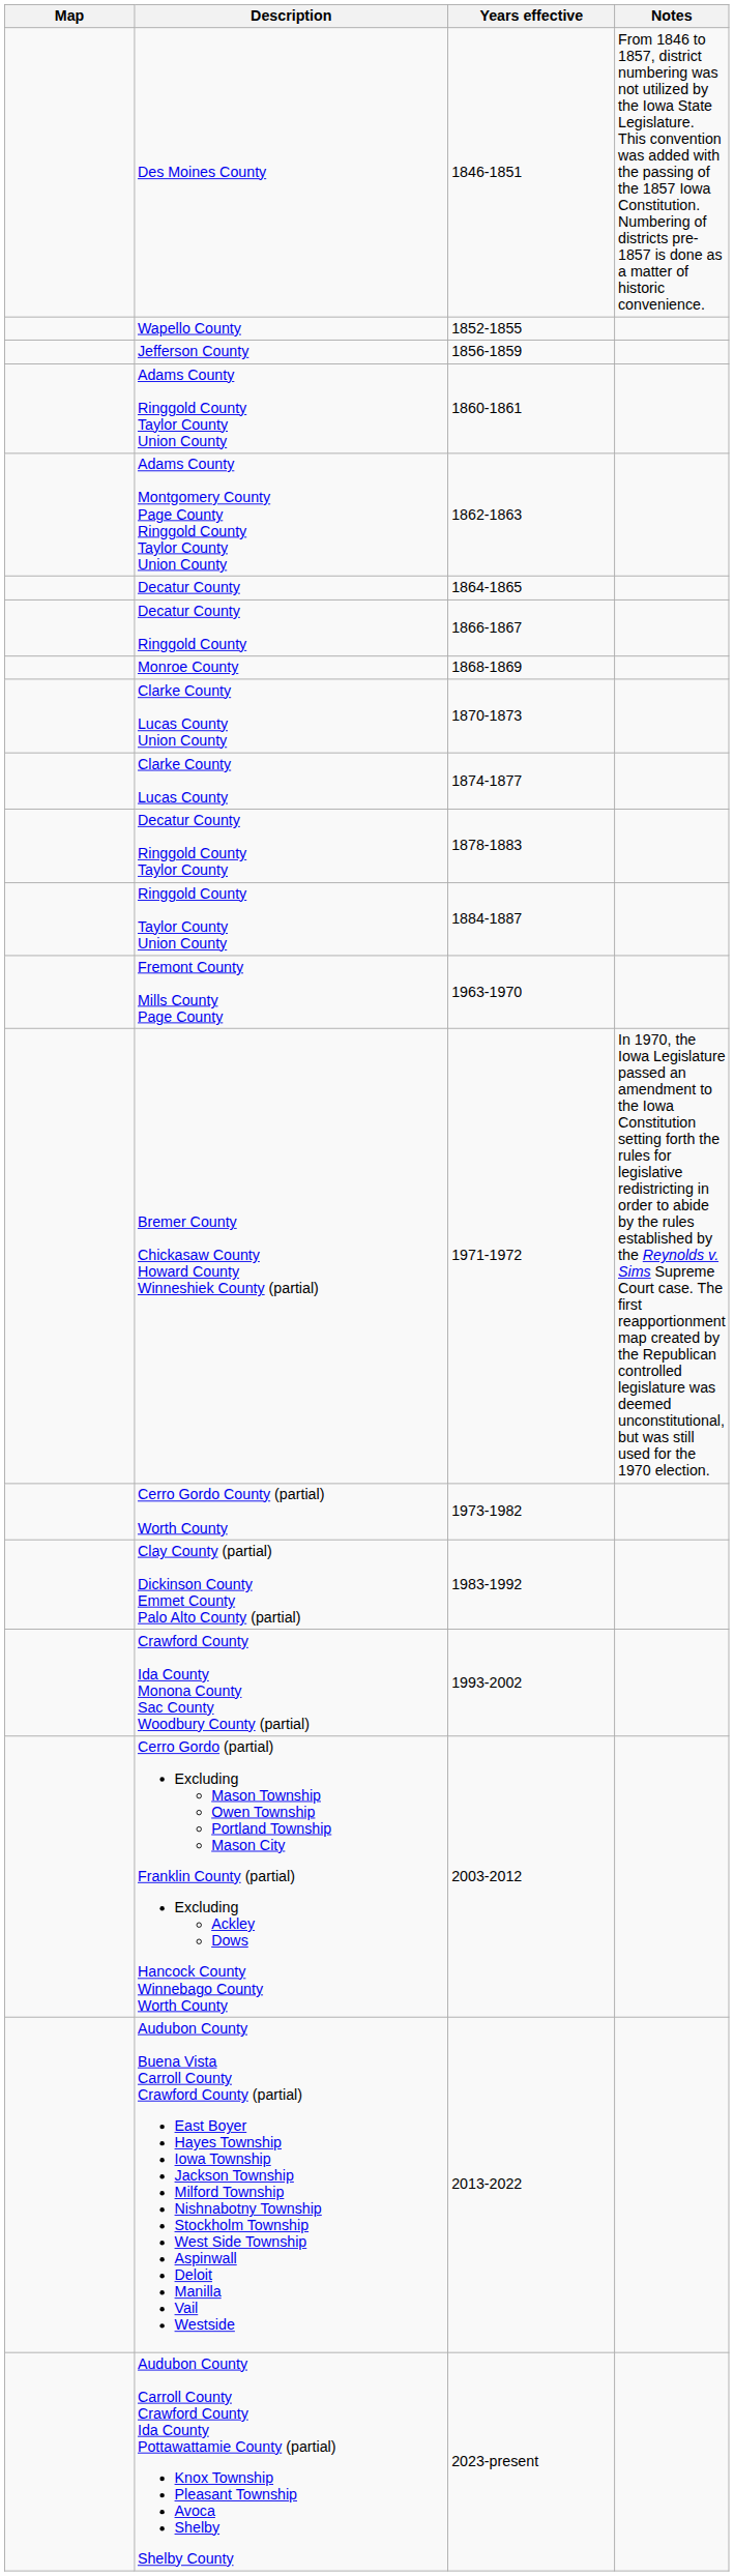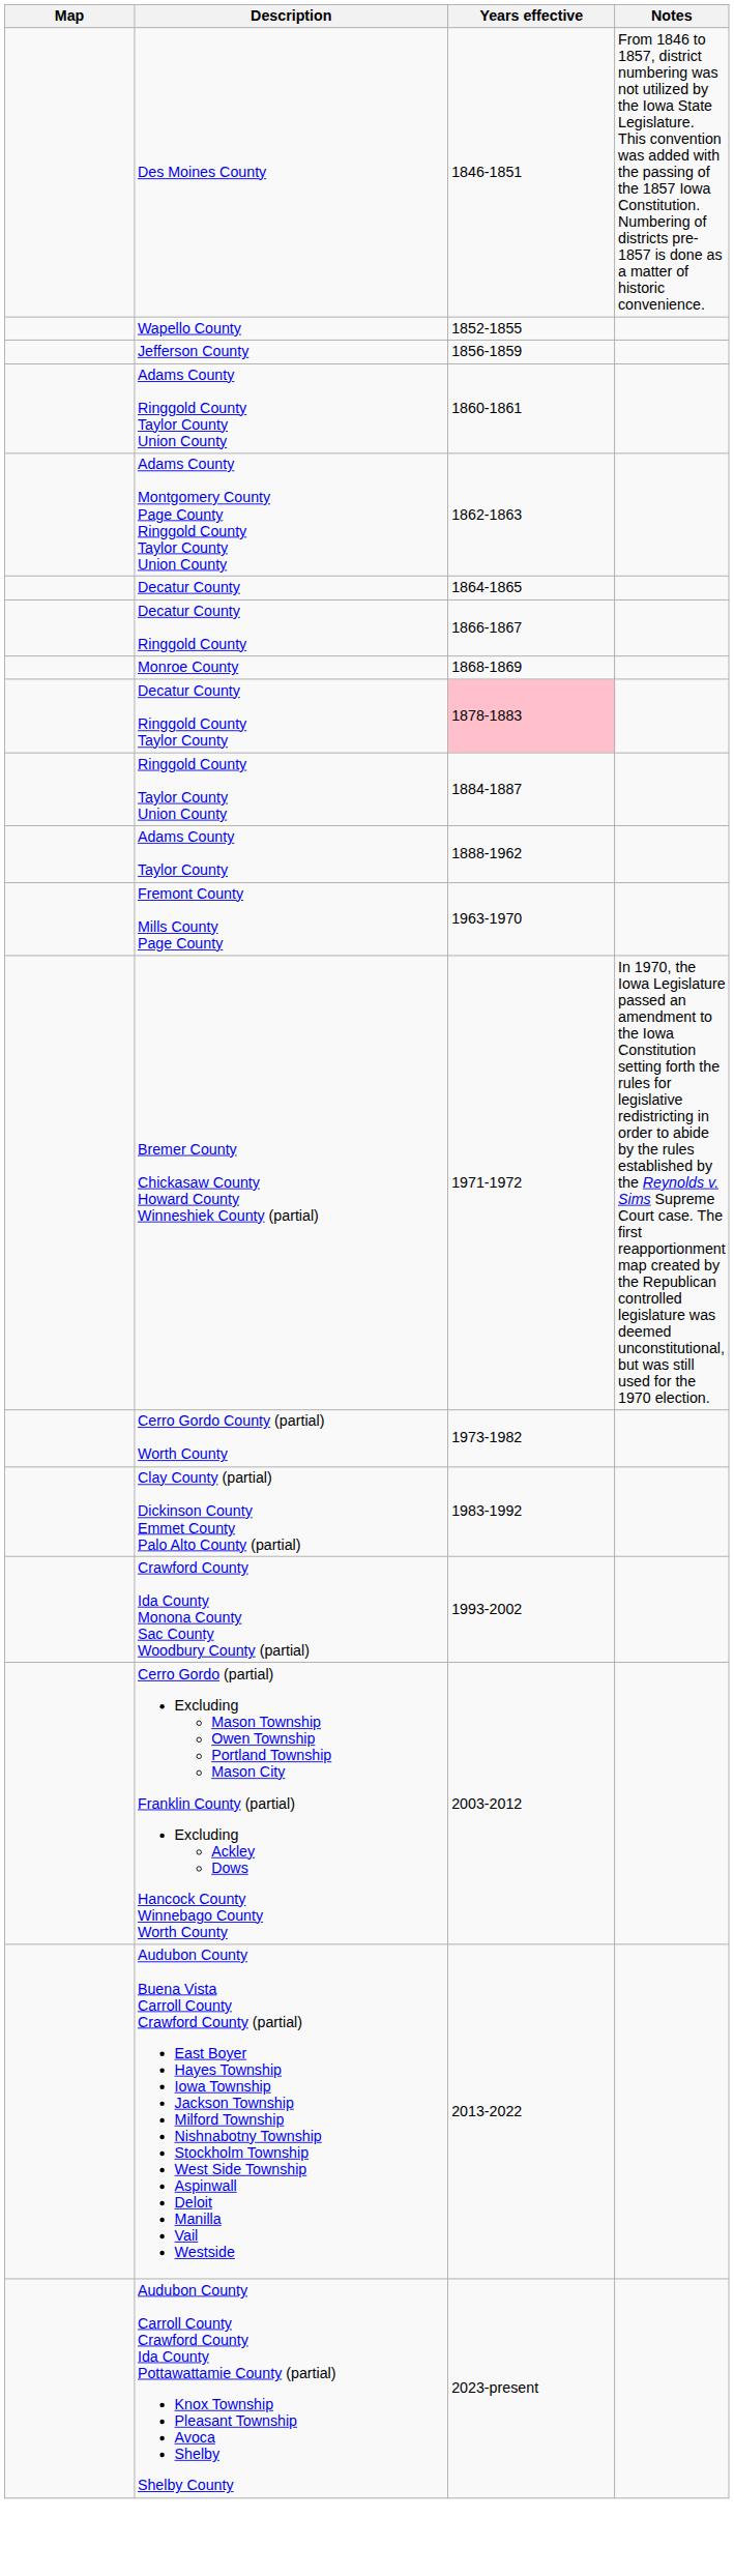 <table class="wikitable sortable">
 <tr>
 <th style="width:100pt;">Map</th>
 <th style="width:250pt;">Description</th>
 <th style="width:130pt;">Years effective</th>
 <th style="width:15pt;">Notes</th>
 </tr>
 <tr>
 <td></td>
 <td><a href='#'>Des Moines County</a></td>
 <td>1846-1851</td>
 <td>From 1846 to 1857, district numbering was not utilized by the Iowa State Legislature. This convention was added with the passing of the 1857 Iowa Constitution. Numbering of districts pre-1857 is done as a matter of historic convenience.</td>
 </tr>
 <tr>
 <td></td>
 <td><a href='#'>Wapello County</a></td>
 <td>1852-1855</td>
 <td></td>
 </tr>
 <tr>
 <td></td>
 <td><a href='#'>Jefferson County</a></td>
 <td>1856-1859</td>
 <td></td>
 </tr>
 <tr>
 <td></td>
 <td><a href='#'>Adams County</a><br><br><a href='#'>Ringgold County</a><br> <a href='#'>Taylor County</a><br> <a href='#'>Union County</a></td>
 <td>1860-1861</td>
 <td></td>
 </tr>
 <tr>
 <td></td>
 <td><a href='#'>Adams County</a><br><br><a href='#'>Montgomery County</a><br> <a href='#'>Page County</a><br> <a href='#'>Ringgold County</a><br> <a href='#'>Taylor County</a><br> <a href='#'>Union County</a></td>
 <td>1862-1863</td>
 <td></td>
 </tr>
 <tr>
 <td></td>
 <td><a href='#'>Decatur County</a></td>
 <td>1864-1865</td>
 <td></td>
 </tr>
 <tr>
 <td></td>
 <td><a href='#'>Decatur County</a><br><br><a href='#'>Ringgold County</a></td>
 <td>1866-1867</td>
 <td></td>
 </tr>
 <tr>
 <td></td>
 <td><a href='#'>Monroe County</a></td>
 <td>1868-1869</td>
 <td></td>
 </tr>
 <tr>
 <td></td>
-<td><a href='#'>Clarke County</a><br><br><a href='#'>Lucas County</a><br> <a href='#'>Union County</a></td>
-<td>1870-1873</td>
-<td></td>
-</tr>
-<tr>
-<td></td>
-<td><a href='#'>Clarke County</a><br><br><a href='#'>Lucas County</a></td>
-<td>1874-1877</td>
-<td></td>
-</tr>
-<tr>
-<td></td>
 <td><a href='#'>Decatur County</a><br><br><a href='#'>Ringgold County</a><br> <a href='#'>Taylor County</a></td>
-<td>1878-1883</td>
+<td style="background: pink;">1878-1883</td>
 <td></td>
 </tr>
 <tr>
 <td></td>
 <td><a href='#'>Ringgold County</a><br><br><a href='#'>Taylor County</a><br> <a href='#'>Union County</a></td>
 <td>1884-1887</td>
+<td></td>
+</tr>
+<tr>
+<td></td>
+<td><a href='#'>Adams County</a><br><br><a href='#'>Taylor County</a></td>
+<td>1888-1962</td>
 <td></td>
 </tr>
 <tr>
 <td></td>
 <td><a href='#'>Fremont County</a><br><br><a href='#'>Mills County</a><br> <a href='#'>Page County</a></td>
 <td>1963-1970</td>
 <td></td>
 </tr>
 <tr>
 <td></td>
 <td><a href='#'>Bremer County</a><br><br><a href='#'>Chickasaw County</a><br> <a href='#'>Howard County</a><br> <a href='#'>Winneshiek County</a> (partial)</td>
 <td>1971-1972</td>
 <td>In 1970, the Iowa Legislature passed an amendment to the Iowa Constitution setting forth the rules for legislative redistricting in order to abide by the rules established by the <em><a href='#'>Reynolds v. Sims</a></em> Supreme Court case. The first reapportionment map created by the Republican controlled legislature was deemed unconstitutional, but was still used for the 1970 election.</td>
 </tr>
 <tr>
 <td></td>
 <td><a href='#'>Cerro Gordo County</a> (partial)<br><br><a href='#'>Worth County</a></td>
 <td>1973-1982</td>
 <td></td>
 </tr>
 <tr>
 <td></td>
 <td><a href='#'>Clay County</a> (partial)<br><br><a href='#'>Dickinson County</a><br> <a href='#'>Emmet County</a><br> <a href='#'>Palo Alto County</a> (partial)</td>
 <td>1983-1992</td>
 <td></td>
 </tr>
 <tr>
 <td></td>
 <td><a href='#'>Crawford County</a><br><br><a href='#'>Ida County</a><br> <a href='#'>Monona County</a><br> <a href='#'>Sac County</a><br> <a href='#'>Woodbury County</a> (partial)</td>
 <td>1993-2002</td>
 <td></td>
 </tr>
 <tr>
 <td></td>
 <td><a href='#'>Cerro Gordo</a> (partial)<br><ul><li>Excluding<ul><li><a href='#'>Mason Township</a></li><li><a href='#'>Owen Township</a></li><li><a href='#'>Portland Township</a></li><li><a href='#'>Mason City</a></li></ul></li></ul><a href='#'>Franklin County</a> (partial)<ul><li>Excluding<ul><li><a href='#'>Ackley</a></li><li><a href='#'>Dows</a></li></ul></li></ul><a href='#'>Hancock County</a><br> <a href='#'>Winnebago County</a><br> <a href='#'>Worth County</a></td>
 <td>2003-2012</td>
 <td></td>
 </tr>
 <tr>
 <td></td>
 <td><a href='#'>Audubon County</a><br><br><a href='#'>Buena Vista</a><br> <a href='#'>Carroll County</a><br> <a href='#'>Crawford County</a> (partial)<br><ul><li><a href='#'>East Boyer</a></li><li><a href='#'>Hayes Township</a></li><li><a href='#'>Iowa Township</a></li><li><a href='#'>Jackson Township</a></li><li><a href='#'>Milford Township</a></li><li><a href='#'>Nishnabotny Township</a></li><li><a href='#'>Stockholm Township</a></li><li><a href='#'>West Side Township</a></li><li><a href='#'>Aspinwall</a></li><li><a href='#'>Deloit</a></li><li><a href='#'>Manilla</a></li><li><a href='#'>Vail</a></li><li><a href='#'>Westside</a></li></ul></td>
 <td>2013-2022</td>
 <td></td>
 </tr>
 <tr>
 <td></td>
 <td><a href='#'>Audubon County</a><br><br><a href='#'>Carroll County</a><br> <a href='#'>Crawford County</a><br> <a href='#'>Ida County</a><br> <a href='#'>Pottawattamie County</a> (partial)<ul><li><a href='#'>Knox Township</a></li><li><a href='#'>Pleasant Township</a></li><li><a href='#'>Avoca</a></li><li><a href='#'>Shelby</a></li></ul><a href='#'>Shelby County</a></td>
 <td>2023-present</td>
 </tr>
 </table>
